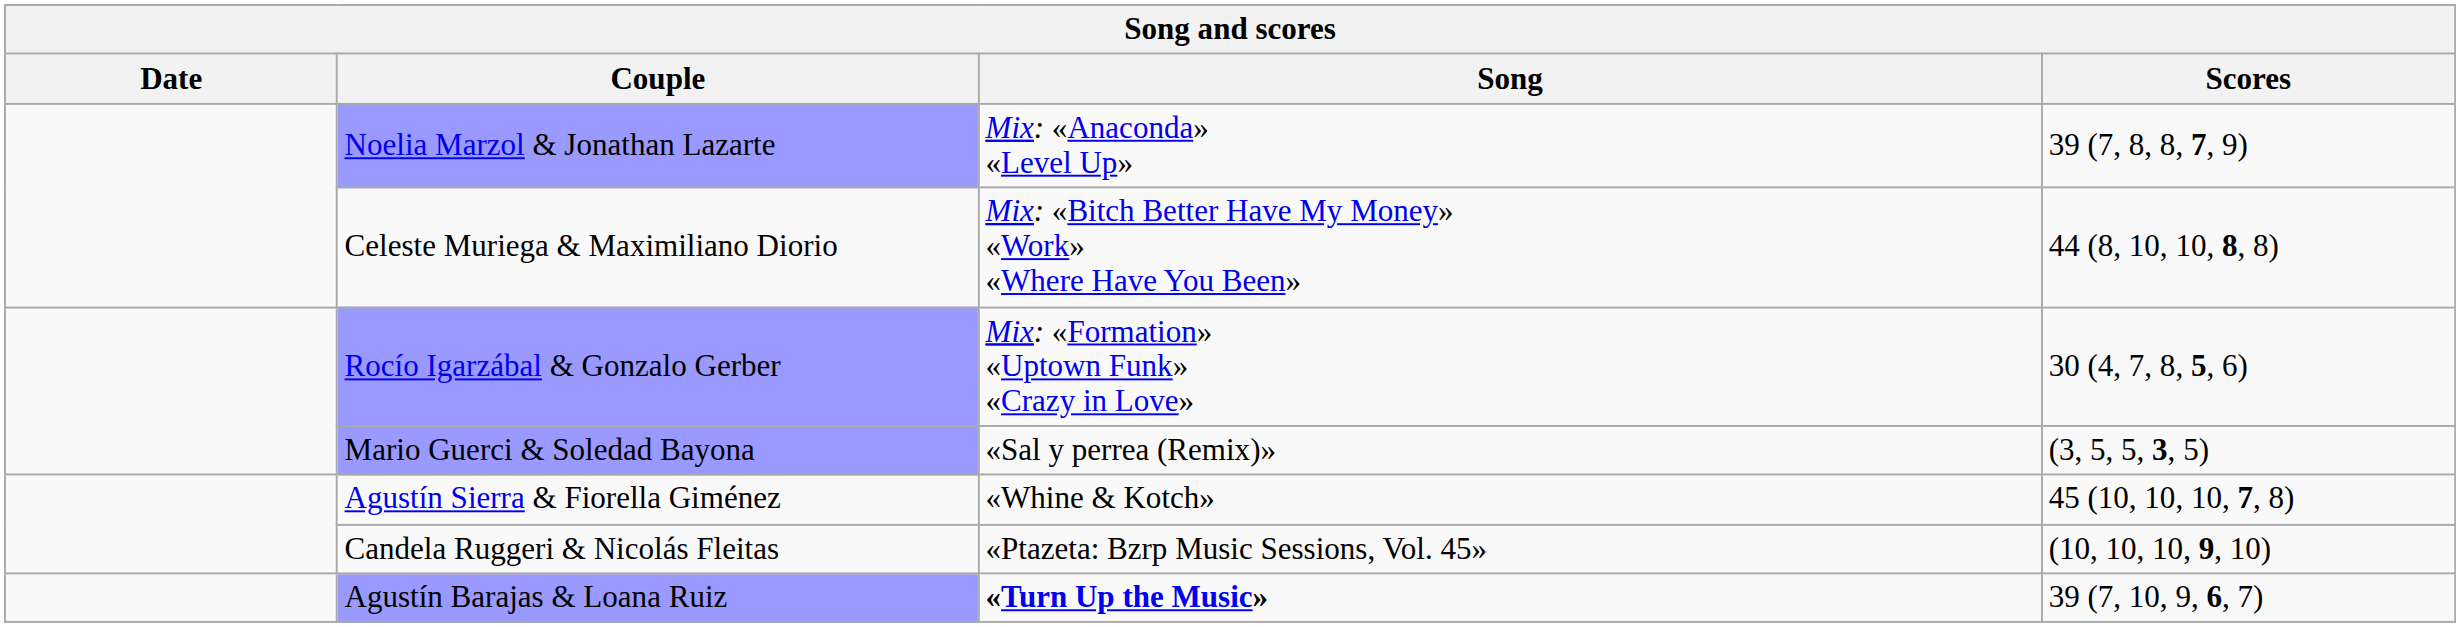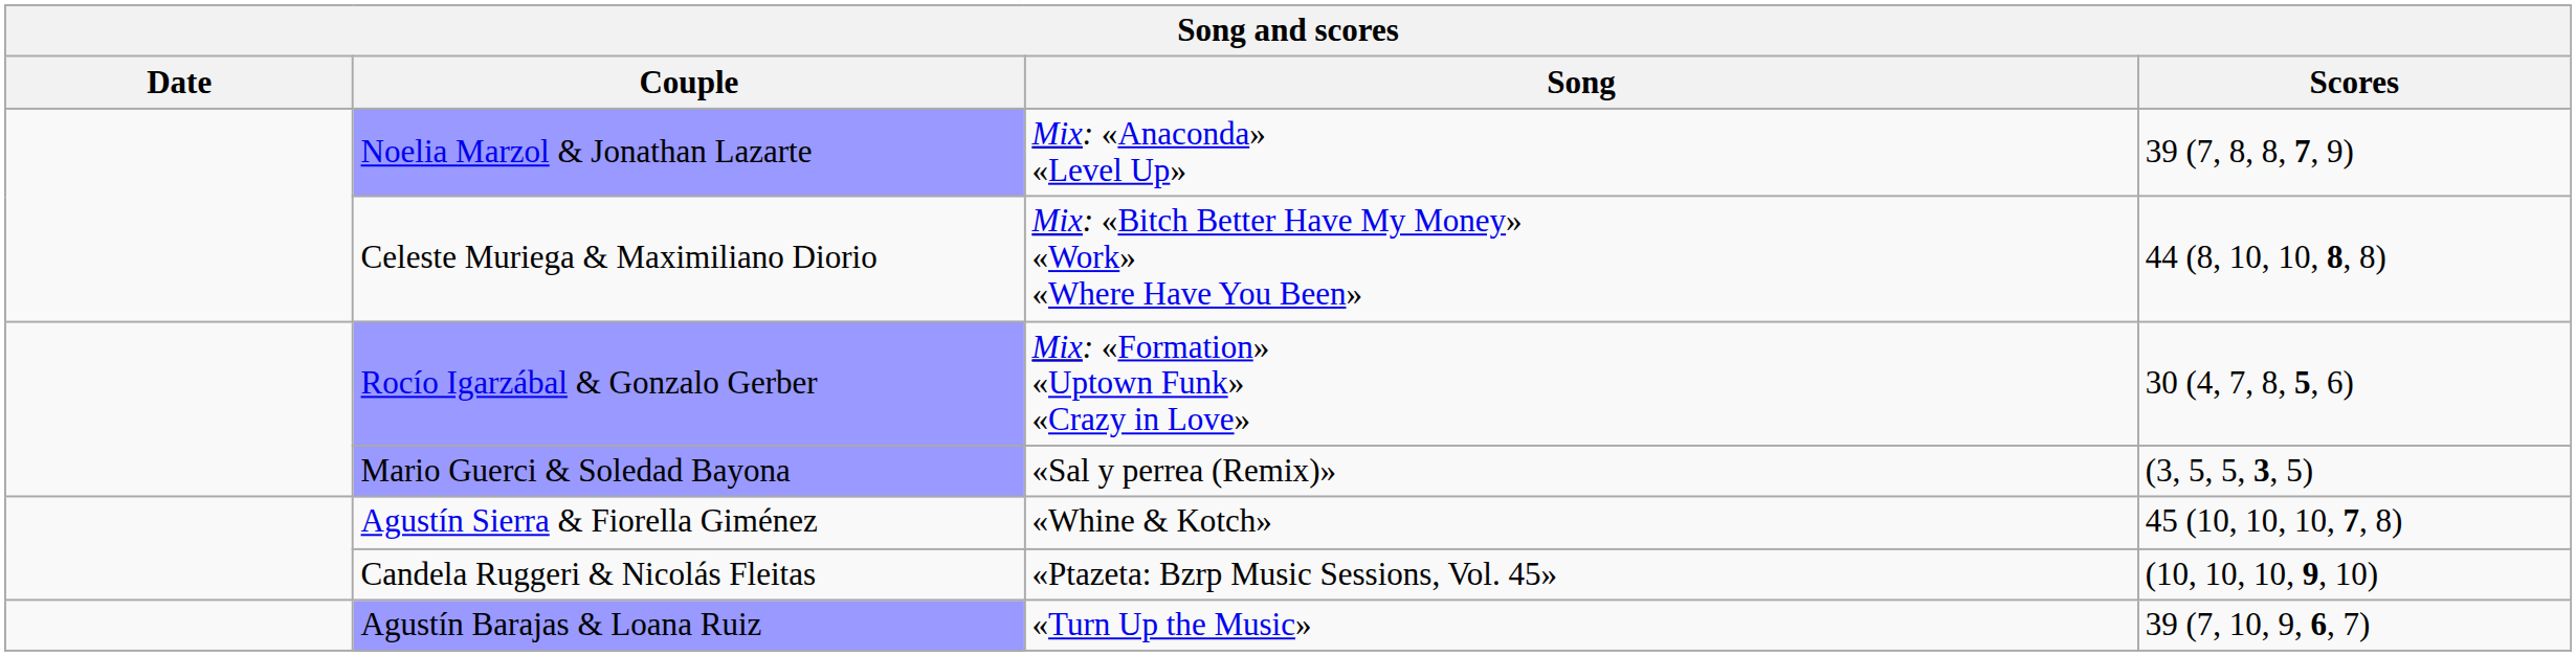 <table class="wikitable collapsible collapsed" style="text-align: align; width: 100%;">
 <tr>
 <th colspan="11" style="with: 100%;" align="center">Song and scores</th>
 </tr>
 <tr>
 <th width=95>Date</th>
 <th width=190>Couple</th>
 <th width=320>Song</th>
 <th width=120>Scores</th>
 </tr>
 <tr>
 <td rowspan="2"></td>
 <td bgcolor="#9999FF"><a href='#'>Noelia Marzol</a> & Jonathan Lazarte</td>
 <td><em><u><a href='#'>Mix</a></u>:</em> «<a href='#'>Anaconda</a>» <br>«<a href='#'>Level Up</a>» </td>
 <td>39 (7, 8, 8, <strong>7</strong>, 9)</td>
 </tr>
 <tr>
 <td>Celeste Muriega & Maximiliano Diorio</td>
 <td><em><u><a href='#'>Mix</a></u>:</em> «<a href='#'>Bitch Better Have My Money</a>» <br>«<a href='#'>Work</a>» <br>«<a href='#'>Where Have You Been</a>» </td>
 <td>44 (8, 10, 10, <strong>8</strong>, 8)</td>
 </tr>
 <tr>
 <td rowspan="2"></td>
 <td bgcolor="#9999FF"><a href='#'>Rocío Igarzábal</a> & Gonzalo Gerber</td>
 <td><em><u><a href='#'>Mix</a></u>:</em> «<a href='#'>Formation</a>» <br>«<a href='#'>Uptown Funk</a>» <br>«<a href='#'>Crazy in Love</a>» </td>
 <td>30 (4, 7, 8, <strong>5</strong>, 6)</td>
 </tr>
 <tr>
 <td bgcolor="#9999FF">Mario Guerci & Soledad Bayona</td>
 <td>«Sal y perrea (Remix)» </td>
 <td> (3, 5, 5, <strong>3</strong>, 5)</td>
 </tr>
 <tr>
 <td rowspan="2"></td>
 <td><a href='#'>Agustín Sierra</a> & Fiorella Giménez</td>
 <td>«Whine & Kotch» </td>
 <td>45 (10, 10, 10, <strong>7</strong>, 8)</td>
 </tr>
 <tr>
 <td>Candela Ruggeri & Nicolás Fleitas</td>
 <td>«Ptazeta: Bzrp Music Sessions, Vol. 45» </td>
 <td> (10, 10, 10, <strong>9</strong>, 10)</td>
 </tr>
 <tr>
 <td></td>
 <td bgcolor="#9999FF">Agustín Barajas & Loana Ruiz</td>
-<td><strong>«<a href='#'>Turn Up the Music</a>» </strong></td>
+<td>«<a href='#'>Turn Up the Music</a>» </td>
 <td>39 (7, 10, 9, <strong>6</strong>, 7)</td>
 </tr>
 </table>
